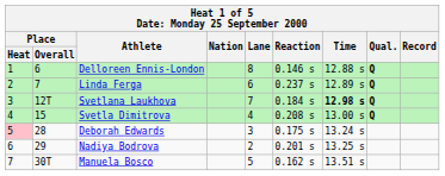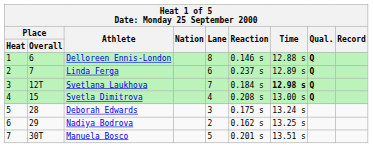 <table class="wikitable sortable">
 <tr>
 <th colspan=9>Heat 1 of 5 <br> Date: Monday 25 September 2000</th>
 </tr>
 <tr>
 <th colspan=2>Place</th>
 <th rowspan=2>Athlete</th>
 <th rowspan=2>Nation</th>
 <th rowspan=2>Lane</th>
 <th rowspan=2>Reaction</th>
 <th rowspan=2>Time</th>
 <th rowspan=2>Qual.</th>
 <th rowspan=2>Record</th>
 </tr>
 <tr>
 <th>Heat</th>
 <th>Overall</th>
 </tr>
 <tr bgcolor = "bbf3bb">
 <td>1</td>
 <td>6</td>
 <td align="left"><a href='#'>Delloreen Ennis-London</a></td>
 <td align="left"></td>
 <td>8</td>
 <td>0.146 s</td>
 <td>12.88 s</td>
 <td><strong>Q</strong></td>
 <td></td>
 </tr>
 <tr bgcolor = "bbf3bb">
 <td>2</td>
 <td>7</td>
 <td align="left"><a href='#'>Linda Ferga</a></td>
 <td align="left"></td>
 <td>6</td>
 <td>0.237 s</td>
 <td>12.89 s</td>
 <td><strong>Q</strong></td>
 <td></td>
 </tr>
 <tr bgcolor = "bbf3bb">
 <td>3</td>
 <td>12T</td>
 <td align="left"><a href='#'>Svetlana Laukhova</a></td>
 <td align="left"></td>
 <td>7</td>
 <td>0.184 s</td>
 <td><strong>12.98 s</strong></td>
 <td><strong>Q</strong></td>
 <td></td>
 </tr>
 <tr bgcolor = "bbf3bb">
 <td>4</td>
 <td>15</td>
 <td align="left"><a href='#'>Svetla Dimitrova</a></td>
 <td align="left"></td>
 <td>4</td>
 <td>0.208 s</td>
 <td>13.00 s</td>
 <td><strong>Q</strong></td>
 <td></td>
 </tr>
 <tr>
-<td style="background: pink;">5</td>
+<td>5</td>
 <td>28</td>
 <td align="left"><a href='#'>Deborah Edwards</a></td>
 <td align="left"></td>
 <td>3</td>
 <td>0.175 s</td>
 <td>13.24 s</td>
 <td></td>
 <td></td>
 </tr>
 <tr>
 <td>6</td>
 <td>29</td>
 <td align="left"><a href='#'>Nadiya Bodrova</a></td>
 <td align="left"></td>
 <td>2</td>
-<td>0.201 s</td>
+<td>0.162 s</td>
 <td>13.25 s</td>
 <td></td>
 <td></td>
 </tr>
 <tr>
 <td>7</td>
 <td>30T</td>
 <td align="left"><a href='#'>Manuela Bosco</a></td>
 <td align="left"></td>
 <td>5</td>
-<td>0.162 s</td>
+<td>0.201 s</td>
 <td>13.51 s</td>
 <td></td>
 <td></td>
 </tr>
 </table>
